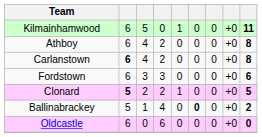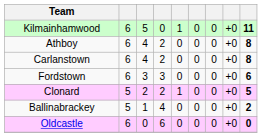 <table class="wikitable" style="text-align:center">
 <tr>
 <th width="175">Team</th>
 <th width="20"></th>
 <th width="20"></th>
 <th width="20"></th>
 <th width="20"></th>
 <th width="20"></th>
 <th width="20"></th>
 <th width="20"></th>
 <th width="20"></th>
 </tr>
 <tr style="background:#cfc;">
 <td>Kilmainhamwood</td>
 <td>6</td>
 <td>5</td>
 <td>0</td>
 <td>1</td>
 <td>0</td>
 <td>0</td>
 <td>+0</td>
 <td><strong>11</strong></td>
 </tr>
 <tr>
 <td>Athboy</td>
 <td>6</td>
 <td>4</td>
 <td>2</td>
 <td>0</td>
 <td>0</td>
 <td>0</td>
 <td>+0</td>
 <td><strong>8</strong></td>
 </tr>
 <tr>
 <td>Carlanstown</td>
-<td><strong>6</strong></td>
+<td>6</td>
 <td>4</td>
 <td>2</td>
 <td>0</td>
 <td>0</td>
 <td>0</td>
 <td>+0</td>
 <td><strong>8</strong></td>
 </tr>
 <tr>
 <td>Fordstown</td>
 <td>6</td>
 <td>3</td>
 <td>3</td>
 <td>0</td>
 <td>0</td>
 <td>0</td>
 <td>+0</td>
 <td><strong>6</strong></td>
 </tr>
 <tr style="background:#fcf;">
 <td>Clonard</td>
-<td><strong>5</strong></td>
+<td>5</td>
 <td>2</td>
 <td>2</td>
 <td>1</td>
 <td>0</td>
 <td>0</td>
 <td>+0</td>
 <td><strong>5</strong></td>
 </tr>
 <tr>
 <td>Ballinabrackey</td>
 <td>5</td>
 <td>1</td>
 <td>4</td>
 <td>0</td>
-<td><strong>0</strong></td>
+<td>0</td>
 <td>0</td>
 <td>+0</td>
 <td><strong>2</strong></td>
 </tr>
 <tr style="background:#fcf;">
 <td><a href='#'>Oldcastle</a></td>
 <td>6</td>
 <td>0</td>
 <td>6</td>
 <td>0</td>
 <td>0</td>
 <td>0</td>
 <td>+0</td>
 <td><strong>0</strong></td>
 </tr>
 <tr>
 </tr>
 </table>
